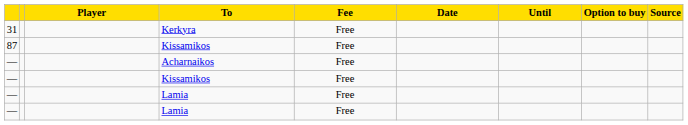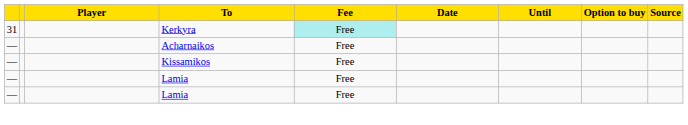 <table class="wikitable sortable">
 <tr>
 <th style="background:#FFDE00"></th>
 <th style="background:#FFDE00"></th>
 <th width=200 style="background:#FFDE00">Player</th>
 <th width=200 style="background:#FFDE00">To</th>
 <th width=150 style="background:#FFDE00">Fee</th>
 <th width=150 style="background:#FFDE00">Date</th>
 <th width=120 style="background:#FFDE00">Until</th>
 <th style="background:#FFDE00">Option to buy</th>
 <th style="background:#FFDE00">Source</th>
 </tr>
 <tr>
 <td align=center>31</td>
 <td align=center></td>
 <td></td>
 <td> <a href='#'>Kerkyra</a></td>
-<td align=center>Free</td>
-<td align=center></td>
-<td align=center></td>
-<td align=center></td>
-<td align=center></td>
-</tr>
-<tr>
-<td align=center>87</td>
-<td align=center></td>
-<td></td>
-<td> <a href='#'>Kissamikos</a></td>
-<td align=center>Free</td>
+<td align=center style="background: paleturquoise;">Free</td>
 <td align=center></td>
 <td align=center></td>
 <td align=center></td>
 <td align=center></td>
 </tr>
 <tr>
 <td align=center>—</td>
 <td align=center></td>
 <td></td>
 <td> <a href='#'>Acharnaikos</a></td>
 <td align=center>Free</td>
 <td align=center></td>
 <td align=center></td>
 <td align=center></td>
 <td align=center></td>
 </tr>
 <tr>
 <td align=center>—</td>
 <td align=center></td>
 <td></td>
 <td> <a href='#'>Kissamikos</a></td>
 <td align=center>Free</td>
 <td align=center></td>
 <td align=center></td>
 <td align=center></td>
 <td align=center></td>
 </tr>
 <tr>
 <td align=center>—</td>
 <td align=center></td>
 <td></td>
 <td> <a href='#'>Lamia</a></td>
 <td align=center>Free</td>
 <td align=center></td>
 <td align=center></td>
 <td align=center></td>
 <td align=center></td>
 </tr>
 <tr>
 <td align=center>—</td>
 <td align=center></td>
 <td></td>
 <td> <a href='#'>Lamia</a></td>
 <td align=center>Free</td>
 <td align=center></td>
 <td align=center></td>
 <td align=center></td>
 <td align=center></td>
 </tr>
 </table>
